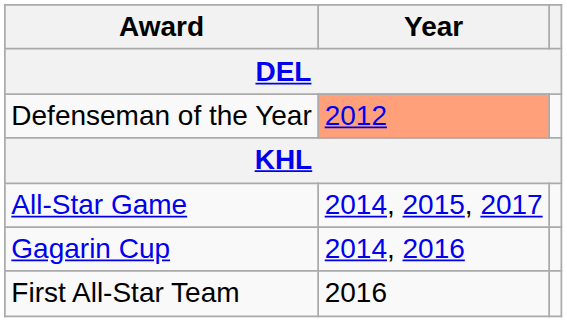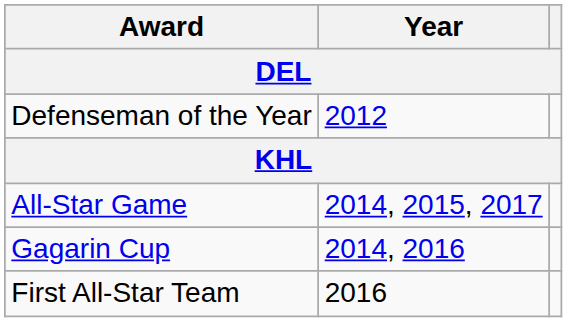 <table class="wikitable">
 <tr>
 <th>Award</th>
 <th>Year</th>
 <th></th>
 </tr>
 <tr>
 <th colspan="3"><a href='#'>DEL</a></th>
 </tr>
 <tr>
 <td>Defenseman of the Year</td>
-<td style="background: lightsalmon;"><a href='#'>2012</a></td>
+<td><a href='#'>2012</a></td>
 <td></td>
 </tr>
 <tr>
 <th colspan="3"><a href='#'>KHL</a></th>
 </tr>
 <tr>
 <td><a href='#'>All-Star Game</a></td>
 <td><a href='#'>2014</a>, <a href='#'>2015</a>, <a href='#'>2017</a></td>
 <td></td>
 </tr>
 <tr>
 <td><a href='#'>Gagarin Cup</a></td>
 <td><a href='#'>2014</a>, <a href='#'>2016</a></td>
 <td></td>
 </tr>
 <tr>
 <td>First All-Star Team</td>
 <td>2016</td>
 <td></td>
 </tr>
 </table>
